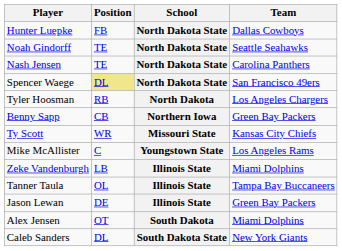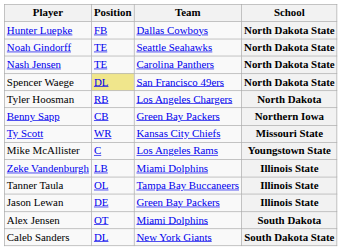 <table class="wikitable sortable" border="1">
 <tr>
 <th>Player</th>
 <th>Position</th>
+<th>Team</th>
 <th>School</th>
-<th>Team</th>
 </tr>
 <tr>
 <td><a href='#'>Hunter Luepke</a></td>
 <td><a href='#'>FB</a></td>
+<td><a href='#'>Dallas Cowboys</a></td>
 <th>North Dakota State</th>
-<td><a href='#'>Dallas Cowboys</a></td>
 </tr>
 <tr>
 <td><a href='#'>Noah Gindorff</a></td>
 <td><a href='#'>TE</a></td>
+<td><a href='#'>Seattle Seahawks</a></td>
 <th>North Dakota State</th>
-<td><a href='#'>Seattle Seahawks</a></td>
 </tr>
 <tr>
 <td><a href='#'>Nash Jensen</a></td>
 <td><a href='#'>TE</a></td>
+<td><a href='#'>Carolina Panthers</a></td>
 <th>North Dakota State</th>
-<td><a href='#'>Carolina Panthers</a></td>
 </tr>
 <tr>
 <td>Spencer Waege</td>
 <td style="background: khaki;"><a href='#'>DL</a></td>
+<td><a href='#'>San Francisco 49ers</a></td>
 <th>North Dakota State</th>
-<td><a href='#'>San Francisco 49ers</a></td>
 </tr>
 <tr>
 <td>Tyler Hoosman</td>
 <td><a href='#'>RB</a></td>
+<td><a href='#'>Los Angeles Chargers</a></td>
 <th>North Dakota</th>
-<td><a href='#'>Los Angeles Chargers</a></td>
 </tr>
 <tr>
 <td><a href='#'>Benny Sapp</a></td>
 <td><a href='#'>CB</a></td>
+<td><a href='#'>Green Bay Packers</a></td>
 <th>Northern Iowa</th>
-<td><a href='#'>Green Bay Packers</a></td>
 </tr>
 <tr>
 <td><a href='#'>Ty Scott</a></td>
 <td><a href='#'>WR</a></td>
+<td><a href='#'>Kansas City Chiefs</a></td>
 <th>Missouri State</th>
-<td><a href='#'>Kansas City Chiefs</a></td>
 </tr>
 <tr>
 <td>Mike McAllister</td>
 <td><a href='#'>C</a></td>
+<td><a href='#'>Los Angeles Rams</a></td>
 <th>Youngstown State</th>
-<td><a href='#'>Los Angeles Rams</a></td>
 </tr>
 <tr>
 <td><a href='#'>Zeke Vandenburgh</a></td>
 <td><a href='#'>LB</a></td>
+<td><a href='#'>Miami Dolphins</a></td>
 <th>Illinois State</th>
-<td><a href='#'>Miami Dolphins</a></td>
 </tr>
 <tr>
 <td>Tanner Taula</td>
 <td><a href='#'>OL</a></td>
+<td><a href='#'>Tampa Bay Buccaneers</a></td>
 <th>Illinois State</th>
-<td><a href='#'>Tampa Bay Buccaneers</a></td>
 </tr>
 <tr>
 <td>Jason Lewan</td>
 <td><a href='#'>DE</a></td>
+<td><a href='#'>Green Bay Packers</a></td>
 <th>Illinois State</th>
-<td><a href='#'>Green Bay Packers</a></td>
 </tr>
 <tr>
 <td>Alex Jensen</td>
 <td><a href='#'>OT</a></td>
+<td><a href='#'>Miami Dolphins</a></td>
 <th>South Dakota</th>
-<td><a href='#'>Miami Dolphins</a></td>
 </tr>
 <tr>
 <td>Caleb Sanders</td>
 <td><a href='#'>DL</a></td>
+<td><a href='#'>New York Giants</a></td>
 <th>South Dakota State</th>
-<td><a href='#'>New York Giants</a></td>
 </tr>
 </table>
